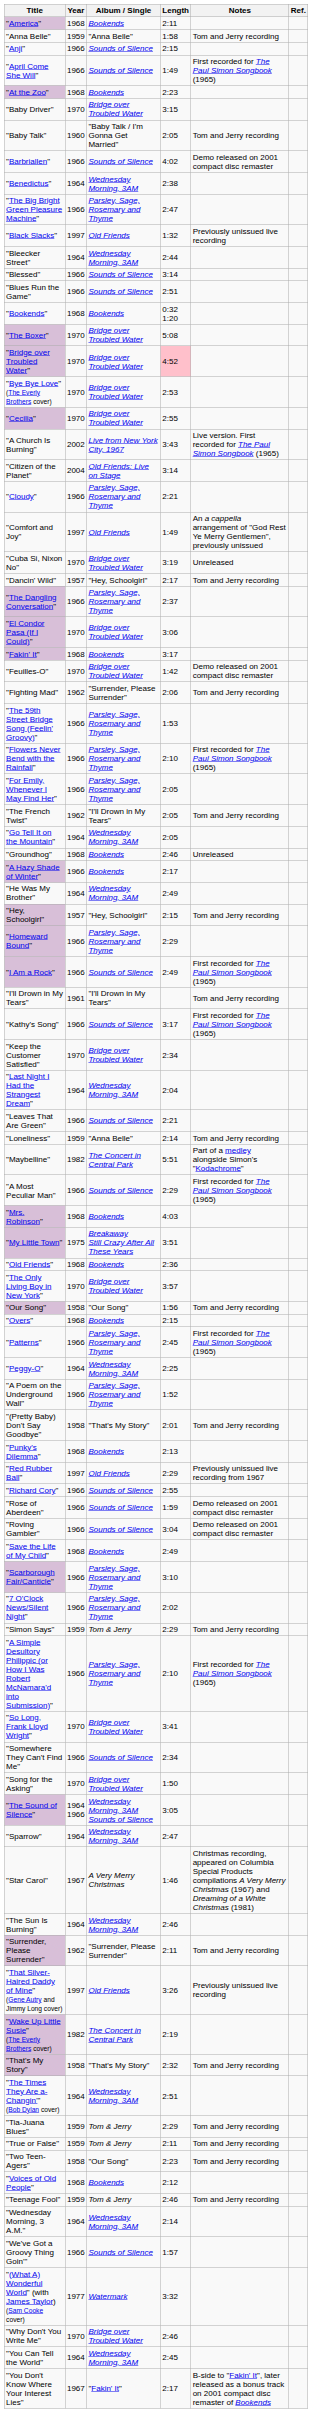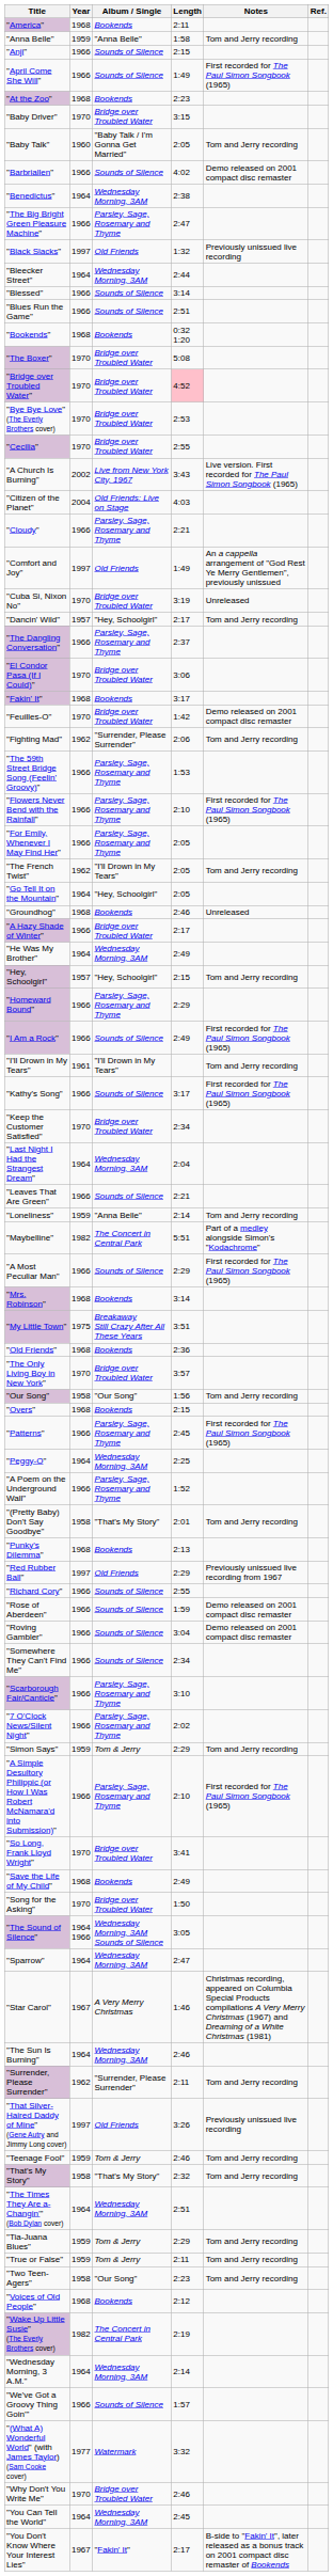 <table class="wikitable sortable">
 <tr>
 <th width="21%">Title</th>
 <th width="1%">Year</th>
 <th width="28%">Album / Single</th>
 <th width="1%">Length</th>
 <th width="38%">Notes</th>
 <th width="1%">Ref.</th>
 </tr>
 <tr>
 <td !scope=row style="background-color:#D8BFD8">"<a href='#'>America</a>" </td>
 <td>1968</td>
 <td><em><a href='#'>Bookends</a></em></td>
 <td>2:11</td>
 <td></td>
 <td></td>
 </tr>
 <tr American Tune>
 <td>"Anna Belle"</td>
 <td>1959</td>
 <td>"Anna Belle"</td>
 <td>1:58</td>
 <td>Tom and Jerry recording</td>
 <td></td>
 </tr>
 <tr>
 <td>"<a href='#'>Anji</a>"</td>
 <td>1966</td>
 <td><em><a href='#'>Sounds of Silence</a></em></td>
 <td>2:15</td>
 <td></td>
 <td></td>
 </tr>
 <tr>
 <td>"<a href='#'>April Come She Will</a>"</td>
 <td>1966</td>
 <td><em><a href='#'>Sounds of Silence</a></em></td>
 <td>1:49</td>
 <td>First recorded for <em><a href='#'>The Paul Simon Songbook</a></em> (1965)</td>
 <td></td>
 </tr>
 <tr>
 <td !scope=row style="background-color:#D8BFD8">"<a href='#'>At the Zoo</a>" </td>
 <td>1968</td>
 <td> <em><a href='#'>Bookends</a></em></td>
 <td>2:23</td>
 <td></td>
 <td></td>
 </tr>
 <tr>
 <td>"Baby Driver"</td>
 <td>1970</td>
 <td><em><a href='#'>Bridge over Troubled Water</a></em></td>
 <td>3:15</td>
 <td></td>
 <td></td>
 </tr>
 <tr>
 <td>"Baby Talk"</td>
 <td>1960</td>
 <td>"Baby Talk / I'm Gonna Get Married"</td>
 <td>2:05</td>
 <td>Tom and Jerry recording</td>
 <td></td>
 </tr>
 <tr>
 <td>"<a href='#'>Barbriallen</a>"</td>
 <td>1966</td>
 <td><em><a href='#'>Sounds of Silence</a></em></td>
 <td>4:02</td>
 <td>Demo released on 2001 compact disc remaster</td>
 <td></td>
 </tr>
 <tr>
 <td>"<a href='#'>Benedictus</a>"</td>
 <td>1964</td>
 <td><em><a href='#'>Wednesday Morning, 3AM</a></em></td>
 <td>2:38</td>
 <td></td>
 <td></td>
 </tr>
 <tr>
 <td>"<a href='#'>The Big Bright Green Pleasure Machine</a>"</td>
 <td>1966</td>
 <td><em><a href='#'>Parsley, Sage, Rosemary and Thyme</a></em></td>
 <td>2:47</td>
 <td></td>
 <td></td>
 </tr>
 <tr>
 <td>"<a href='#'>Black Slacks</a>"</td>
 <td>1997</td>
 <td><em><a href='#'>Old Friends</a></em></td>
 <td>1:32</td>
 <td>Previously unissued live recording</td>
 <td></td>
 </tr>
 <tr>
 <td>"Bleecker Street"</td>
 <td>1964</td>
 <td><em><a href='#'>Wednesday Morning, 3AM</a></em></td>
 <td>2:44</td>
 <td></td>
 <td></td>
 </tr>
 <tr>
 <td>"Blessed"</td>
 <td>1966</td>
 <td><em><a href='#'>Sounds of Silence</a></em></td>
 <td>3:14</td>
 <td></td>
 <td></td>
 </tr>
 <tr>
 <td>"Blues Run the Game"</td>
 <td>1966</td>
 <td><em><a href='#'>Sounds of Silence</a></em></td>
 <td>2:51</td>
 <td></td>
 <td></td>
 </tr>
 <tr>
 <td>"<a href='#'>Bookends</a>"</td>
 <td>1968</td>
 <td><em><a href='#'>Bookends</a></em></td>
 <td>0:32<br>1:20</td>
 <td></td>
 <td></td>
 </tr>
 <tr>
 <td !scope=row style="background-color:#D8BFD8">"<a href='#'>The Boxer</a>" </td>
 <td>1970</td>
 <td><em><a href='#'>Bridge over Troubled Water</a></em></td>
 <td>5:08</td>
 <td></td>
 <td></td>
 </tr>
 <tr>
 <td !scope=row style="background-color:#D8BFD8">"<a href='#'>Bridge over Troubled Water</a>" </td>
 <td>1970</td>
 <td><em><a href='#'>Bridge over Troubled Water</a></em></td>
 <td style="background: pink;">4:52</td>
 <td></td>
 <td></td>
 </tr>
 <tr>
 <td>"<a href='#'>Bye Bye Love</a>"<br><small>(<a href='#'>The Everly Brothers</a> cover)</small></td>
 <td>1970</td>
 <td><em><a href='#'>Bridge over Troubled Water</a></em></td>
 <td>2:53</td>
 <td></td>
 <td></td>
 </tr>
 <tr>
 <td !scope=row style="background-color:#D8BFD8"> "<a href='#'>Cecilia</a>" </td>
 <td>1970</td>
 <td><em><a href='#'>Bridge over Troubled Water</a></em></td>
 <td>2:55</td>
 <td></td>
 <td></td>
 </tr>
 <tr>
 <td>"A Church Is Burning"</td>
 <td>2002</td>
 <td><em><a href='#'>Live from New York City, 1967</a></em></td>
 <td>3:43</td>
 <td>Live version. First recorded for <em><a href='#'>The Paul Simon Songbook</a></em> (1965)</td>
 <td></td>
 </tr>
 <tr>
 <td>"Citizen of the Planet"</td>
 <td>2004</td>
 <td><em><a href='#'>Old Friends: Live on Stage</a></em></td>
-<td>3:14</td>
+<td>4:03</td>
 <td></td>
 <td></td>
 </tr>
 <tr>
 <td>"<a href='#'>Cloudy</a>"</td>
 <td>1966</td>
 <td><em><a href='#'>Parsley, Sage, Rosemary and Thyme</a></em></td>
 <td>2:21</td>
 <td></td>
 <td></td>
 </tr>
 <tr>
 <td>"Comfort and Joy"</td>
 <td>1997</td>
 <td><em><a href='#'>Old Friends</a></em></td>
 <td>1:49</td>
 <td>An <em>a cappella</em> arrangement of "God Rest Ye Merry Gentlemen", previously unissued</td>
 <td></td>
 </tr>
 <tr>
 <td>"Cuba Si, Nixon No"</td>
 <td>1970</td>
 <td><em><a href='#'>Bridge over Troubled Water</a></em></td>
 <td>3:19</td>
 <td>Unreleased</td>
 <td></td>
 </tr>
 <tr>
 <td> "Dancin' Wild"</td>
 <td>1957</td>
 <td>"Hey, Schoolgirl"</td>
 <td>2:17</td>
 <td>Tom and Jerry recording</td>
 <td></td>
 </tr>
 <tr>
 <td !scope=row style="background-color:#D8BFD8">"<a href='#'>The Dangling Conversation</a>" </td>
 <td>1966</td>
 <td><em><a href='#'>Parsley, Sage, Rosemary and Thyme</a></em></td>
 <td>2:37</td>
 <td></td>
 <td></td>
 </tr>
 <tr>
 <td !scope=row style="background-color:#D8BFD8"> "<a href='#'>El Condor Pasa (If I Could)</a>"</td>
 <td>1970</td>
 <td><em><a href='#'>Bridge over Troubled Water</a></em></td>
 <td>3:06</td>
 <td></td>
 <td></td>
 </tr>
 <tr>
 <td !scope=row style="background-color:#D8BFD8"> "<a href='#'>Fakin' It</a>"</td>
 <td>1968</td>
 <td><em><a href='#'>Bookends</a></em></td>
 <td>3:17</td>
 <td></td>
 <td></td>
 </tr>
 <tr>
 <td>"Feuilles-O"</td>
 <td>1970</td>
 <td><em><a href='#'>Bridge over Troubled Water</a></em></td>
 <td>1:42</td>
 <td>Demo released on 2001 compact disc remaster</td>
 <td></td>
 </tr>
 <tr>
 <td>"Fighting Mad"</td>
 <td>1962</td>
 <td>"Surrender, Please Surrender"</td>
 <td>2:06</td>
 <td>Tom and Jerry recording</td>
 <td></td>
 </tr>
 <tr>
 <td>"<a href='#'>The 59th Street Bridge Song (Feelin' Groovy)</a>"</td>
 <td>1966</td>
 <td><em><a href='#'>Parsley, Sage, Rosemary and Thyme</a></em></td>
 <td>1:53</td>
 <td></td>
 <td></td>
 </tr>
 <tr>
 <td>"<a href='#'>Flowers Never Bend with the Rainfall</a>"</td>
 <td>1966</td>
 <td><em><a href='#'>Parsley, Sage, Rosemary and Thyme</a></em></td>
 <td>2:10</td>
 <td>First recorded for <em><a href='#'>The Paul Simon Songbook</a></em> (1965)</td>
 <td></td>
 </tr>
 <tr>
 <td>"<a href='#'>For Emily, Whenever I May Find Her</a>"</td>
 <td>1966</td>
 <td><em><a href='#'>Parsley, Sage, Rosemary and Thyme</a></em></td>
 <td>2:05</td>
 <td></td>
 <td></td>
 </tr>
 <tr>
 <td>"The French Twist"</td>
 <td>1962</td>
 <td>"I'll Drown in My Tears"</td>
 <td>2:05</td>
 <td>Tom and Jerry recording</td>
 <td></td>
 </tr>
 <tr>
 <td> "<a href='#'>Go Tell It on the Mountain</a>"</td>
 <td>1964</td>
-<td><em><a href='#'>Wednesday Morning, 3AM</a></em></td>
+<td>"Hey, Schoolgirl"</td>
 <td>2:05</td>
 <td></td>
 <td></td>
 </tr>
 <tr>
 <td>"Groundhog"</td>
 <td>1968</td>
 <td><em><a href='#'>Bookends</a></em></td>
 <td>2:46</td>
 <td>Unreleased</td>
 <td></td>
 </tr>
 <tr>
 <td !scope=row style="background-color:#D8BFD8"> "<a href='#'>A Hazy Shade of Winter</a>" </td>
 <td>1966</td>
-<td><em><a href='#'>Bookends</a></em></td>
+<td><em><a href='#'>Bridge over Troubled Water</a></em></td>
 <td>2:17</td>
 <td></td>
 <td></td>
 </tr>
 <tr>
 <td>"He Was My Brother"</td>
 <td>1964</td>
 <td><em><a href='#'>Wednesday Morning, 3AM</a></em></td>
 <td>2:49</td>
 <td></td>
 <td></td>
 </tr>
 <tr>
 <td !scope=row style="background-color:#D8BFD8">"Hey, Schoolgirl" </td>
 <td>1957</td>
 <td>"Hey, Schoolgirl"</td>
 <td>2:15</td>
 <td>Tom and Jerry recording</td>
 <td></td>
 </tr>
 <tr>
 <td !scope=row style="background-color:#D8BFD8">"<a href='#'>Homeward Bound</a>" </td>
 <td>1966</td>
 <td><em><a href='#'>Parsley, Sage, Rosemary and Thyme</a></em></td>
 <td>2:29</td>
 <td></td>
 <td></td>
 </tr>
 <tr>
 <td !scope=row style="background-color:#D8BFD8">"<a href='#'>I Am a Rock</a>" </td>
 <td>1966</td>
 <td><em><a href='#'>Sounds of Silence</a></em></td>
 <td>2:49</td>
 <td>First recorded for <em><a href='#'>The Paul Simon Songbook</a></em> (1965)</td>
 <td></td>
 </tr>
 <tr>
 <td>"I'll Drown in My Tears"</td>
 <td>1961</td>
 <td>"I'll Drown in My Tears"</td>
 <td></td>
 <td>Tom and Jerry recording</td>
 <td></td>
 </tr>
 <tr>
 <td> "Kathy's Song"</td>
 <td>1966</td>
 <td><em><a href='#'>Sounds of Silence</a></em></td>
 <td>3:17</td>
 <td>First recorded for <em><a href='#'>The Paul Simon Songbook</a></em> (1965)</td>
 <td></td>
 </tr>
 <tr>
 <td>"Keep the Customer Satisfied"</td>
 <td>1970</td>
 <td><em><a href='#'>Bridge over Troubled Water</a></em></td>
 <td>2:34</td>
 <td></td>
 <td></td>
 </tr>
 <tr>
 <td> "<a href='#'>Last Night I Had the Strangest Dream</a>"</td>
 <td>1964</td>
 <td><em><a href='#'>Wednesday Morning, 3AM</a></em></td>
 <td>2:04</td>
 <td></td>
 <td></td>
 </tr>
 <tr>
 <td>"Leaves That Are Green"</td>
 <td>1966</td>
 <td><em><a href='#'>Sounds of Silence</a></em></td>
 <td>2:21</td>
 <td></td>
 <td></td>
 </tr>
 <tr>
 <td>"Loneliness"</td>
 <td>1959</td>
 <td>"Anna Belle"</td>
 <td>2:14</td>
 <td>Tom and Jerry recording</td>
 <td></td>
 </tr>
 <tr>
 <td> "Maybelline"</td>
 <td>1982</td>
 <td><em><a href='#'>The Concert in Central Park</a></em></td>
 <td>5:51</td>
 <td>Part of a <a href='#'>medley</a> alongside Simon's "<a href='#'>Kodachrome</a>"</td>
 <td></td>
 </tr>
 <tr>
 <td>"A Most Peculiar Man"</td>
 <td>1966</td>
 <td><em><a href='#'>Sounds of Silence</a></em></td>
 <td>2:29</td>
 <td>First recorded for <em><a href='#'>The Paul Simon Songbook</a></em> (1965)</td>
 <td></td>
 </tr>
 <tr>
 <td !scope=row style="background-color:#D8BFD8">"<a href='#'>Mrs. Robinson</a>" </td>
 <td>1968</td>
 <td><em><a href='#'>Bookends</a></em></td>
-<td>4:03</td>
+<td>3:14</td>
 <td></td>
 <td></td>
 </tr>
 <tr>
 <td !scope=row style="background-color:#D8BFD8">"<a href='#'>My Little Town</a>" </td>
 <td>1975</td>
 <td><em><a href='#'>Breakaway</a></em><br><em><a href='#'>Still Crazy After All These Years</a></em> </td>
 <td>3:51</td>
 <td></td>
 <td></td>
 </tr>
 <tr>
 <td> "<a href='#'>Old Friends</a>"</td>
 <td>1968</td>
 <td><em><a href='#'>Bookends</a></em></td>
 <td>2:36</td>
 <td></td>
 <td></td>
 </tr>
 <tr>
 <td>"<a href='#'>The Only Living Boy in New York</a>"</td>
 <td>1970</td>
 <td><em><a href='#'>Bridge over Troubled Water</a></em></td>
 <td>3:57</td>
 <td></td>
 <td></td>
 </tr>
 <tr>
 <td !scope=row style="background-color:#D8BFD8">"Our Song" </td>
 <td>1958</td>
 <td>"Our Song"</td>
 <td>1:56</td>
 <td>Tom and Jerry recording</td>
 <td></td>
 </tr>
 <tr>
 <td>"<a href='#'>Overs</a>"</td>
 <td>1968</td>
 <td><em><a href='#'>Bookends</a></em></td>
 <td>2:15</td>
 <td></td>
 <td></td>
 </tr>
 <tr>
 <td> "<a href='#'>Patterns</a>"</td>
 <td>1966</td>
 <td><em><a href='#'>Parsley, Sage, Rosemary and Thyme</a></em></td>
 <td>2:45</td>
 <td>First recorded for <em><a href='#'>The Paul Simon Songbook</a></em> (1965)</td>
 <td></td>
 </tr>
 <tr>
 <td>"<a href='#'>Peggy-O</a>"</td>
 <td>1964</td>
 <td><em><a href='#'>Wednesday Morning, 3AM</a></em></td>
 <td>2:25</td>
 <td></td>
 <td></td>
 </tr>
 <tr>
 <td>"A Poem on the Underground Wall"</td>
 <td>1966</td>
 <td><em><a href='#'>Parsley, Sage, Rosemary and Thyme</a></em></td>
 <td>1:52</td>
 <td></td>
 <td></td>
 </tr>
 <tr>
 <td>"(Pretty Baby) Don't Say Goodbye"</td>
 <td>1958</td>
 <td>"That's My Story"</td>
 <td>2:01</td>
 <td>Tom and Jerry recording</td>
 <td></td>
 </tr>
 <tr>
 <td>"<a href='#'>Punky's Dilemma</a>"</td>
 <td>1968</td>
 <td><em><a href='#'>Bookends</a></em></td>
 <td>2:13</td>
 <td></td>
 <td></td>
 </tr>
 <tr>
 <td> "<a href='#'>Red Rubber Ball</a>"</td>
 <td>1997</td>
 <td><em><a href='#'>Old Friends</a></em></td>
 <td>2:29</td>
 <td>Previously unissued live recording from 1967</td>
 <td></td>
 </tr>
 <tr>
 <td>"<a href='#'>Richard Cory</a>"</td>
 <td>1966</td>
 <td><em><a href='#'>Sounds of Silence</a></em></td>
 <td>2:55</td>
 <td></td>
 <td></td>
 </tr>
 <tr>
 <td>"Rose of Aberdeen"</td>
 <td>1966</td>
 <td><em><a href='#'>Sounds of Silence</a></em></td>
 <td>1:59</td>
 <td>Demo released on 2001 compact disc remaster</td>
 <td></td>
 </tr>
 <tr>
 <td>"Roving Gambler"</td>
 <td>1966</td>
 <td><em><a href='#'>Sounds of Silence</a></em></td>
 <td>3:04</td>
 <td>Demo released on 2001 compact disc remaster</td>
 <td></td>
 </tr>
 <tr>
-<td> "<a href='#'>Save the Life of My Child</a>"</td>
-<td>1968</td>
-<td><em><a href='#'>Bookends</a></em></td>
-<td>2:49</td>
+<td>"Somewhere They Can't Find Me"</td>
+<td>1966</td>
+<td><em><a href='#'>Sounds of Silence</a></em></td>
+<td>2:34</td>
 <td></td>
 <td></td>
 </tr>
 <tr>
 <td !scope=row style="background-color:#D8BFD8">"<a href='#'>Scarborough Fair/Canticle</a>" </td>
 <td>1966</td>
 <td><em><a href='#'>Parsley, Sage, Rosemary and Thyme</a></em></td>
 <td>3:10</td>
 <td></td>
 <td></td>
 </tr>
 <tr>
 <td>"<a href='#'>7 O'Clock News/Silent Night</a>"</td>
 <td>1966</td>
 <td><em><a href='#'>Parsley, Sage, Rosemary and Thyme</a></em></td>
 <td>2:02</td>
 <td></td>
 <td></td>
 </tr>
 <tr>
 <td>"Simon Says"</td>
 <td>1959</td>
 <td><em>Tom & Jerry</em></td>
 <td>2:29</td>
 <td>Tom and Jerry recording</td>
 <td></td>
 </tr>
 <tr>
 <td>"<a href='#'>A Simple Desultory Philippic (or How I Was Robert McNamara'd into Submission)</a>"</td>
 <td>1966</td>
 <td><em><a href='#'>Parsley, Sage, Rosemary and Thyme</a></em></td>
 <td>2:10</td>
 <td>First recorded for <em><a href='#'>The Paul Simon Songbook</a></em> (1965)</td>
 <td></td>
 </tr>
 <tr>
 <td>"<a href='#'>So Long, Frank Lloyd Wright</a>"</td>
 <td>1970</td>
 <td><em><a href='#'>Bridge over Troubled Water</a></em></td>
 <td>3:41</td>
 <td></td>
 <td></td>
 </tr>
 <tr>
-<td>"Somewhere They Can't Find Me"</td>
-<td>1966</td>
-<td><em><a href='#'>Sounds of Silence</a></em></td>
-<td>2:34</td>
+<td> "<a href='#'>Save the Life of My Child</a>"</td>
+<td>1968</td>
+<td><em><a href='#'>Bookends</a></em></td>
+<td>2:49</td>
 <td></td>
 <td></td>
 </tr>
 <tr>
 <td>"Song for the Asking"</td>
 <td>1970</td>
 <td><em><a href='#'>Bridge over Troubled Water</a></em></td>
 <td>1:50</td>
 <td></td>
 <td></td>
 </tr>
 <tr>
 <td !scope=row style="background-color:#D8BFD8">"<a href='#'>The Sound of Silence</a>" </td>
 <td>1964<br>1966</td>
 <td><em><a href='#'>Wednesday Morning, 3AM</a></em><br><em><a href='#'>Sounds of Silence</a></em></td>
 <td>3:05</td>
 <td></td>
 <td></td>
 </tr>
 <tr>
 <td>"Sparrow"</td>
 <td>1964</td>
 <td><em><a href='#'>Wednesday Morning, 3AM</a></em></td>
 <td>2:47</td>
 <td></td>
 <td></td>
 </tr>
 <tr>
 <td>"Star Carol"</td>
 <td>1967</td>
 <td><em>A Very Merry Christmas</em></td>
 <td>1:46</td>
 <td>Christmas recording, appeared on Columbia Special Products compilations <em>A Very Merry Christmas</em> (1967) and <em>Dreaming of a White Christmas</em> (1981)</td>
 <td></td>
 </tr>
 <tr>
 <td>"The Sun Is Burning"</td>
 <td>1964</td>
 <td><em><a href='#'>Wednesday Morning, 3AM</a></em></td>
 <td>2:46</td>
 <td></td>
 <td></td>
 </tr>
 <tr>
 <td !scope=row style="background-color:#D8BFD8">"Surrender, Please Surrender" </td>
 <td>1962</td>
 <td>"Surrender, Please Surrender"</td>
 <td>2:11</td>
 <td>Tom and Jerry recording</td>
 <td></td>
 </tr>
 <tr>
 <td>"<a href='#'>That Silver-Haired Daddy of Mine</a>"<br><small>(<a href='#'>Gene Autry</a> and Jimmy Long cover)</small></td>
 <td>1997</td>
 <td><em><a href='#'>Old Friends</a></em></td>
 <td>3:26</td>
 <td>Previously unissued live recording</td>
 <td></td>
 </tr>
 <tr>
-<td !scope=row style="background-color:#D8BFD8"> "<a href='#'>Wake Up Little Susie</a>"<br><small>(<a href='#'>The Everly Brothers</a> cover)</small></td>
-<td>1982</td>
-<td><em><a href='#'>The Concert in Central Park</a></em></td>
-<td>2:19</td>
-<td></td>
+<td> "Teenage Fool"</td>
+<td>1959</td>
+<td><em>Tom & Jerry</em></td>
+<td>2:46</td>
+<td>Tom and Jerry recording</td>
 <td></td>
 </tr>
 <tr>
 <td !scope=row style="background-color:#D8BFD8">"That's My Story" </td>
 <td>1958</td>
 <td>"That's My Story"</td>
 <td>2:32</td>
 <td>Tom and Jerry recording</td>
 <td></td>
 </tr>
 <tr>
 <td>"<a href='#'>The Times They Are a-Changin'</a>"<br><small>(<a href='#'>Bob Dylan</a> cover)</small></td>
 <td>1964</td>
 <td><em><a href='#'>Wednesday Morning, 3AM</a></em></td>
 <td>2:51</td>
 <td></td>
 <td></td>
 </tr>
 <tr>
 <td>"Tia-Juana Blues"</td>
 <td>1959</td>
 <td><em>Tom & Jerry</em></td>
 <td>2:29</td>
 <td>Tom and Jerry recording</td>
 <td></td>
 </tr>
 <tr>
 <td>"True or False"</td>
 <td>1959</td>
 <td><em>Tom & Jerry</em></td>
 <td>2:11</td>
 <td>Tom and Jerry recording</td>
 <td></td>
 </tr>
 <tr>
 <td>"Two Teen-Agers"</td>
 <td>1958</td>
 <td>"Our Song"</td>
 <td>2:23</td>
 <td>Tom and Jerry recording</td>
 <td></td>
 </tr>
 <tr>
 <td> "<a href='#'>Voices of Old People</a>"</td>
 <td>1968</td>
 <td><em><a href='#'>Bookends</a></em></td>
 <td>2:12</td>
 <td></td>
 <td></td>
 </tr>
 <tr>
-<td> "Teenage Fool"</td>
-<td>1959</td>
-<td><em>Tom & Jerry</em></td>
-<td>2:46</td>
-<td>Tom and Jerry recording</td>
+<td !scope=row style="background-color:#D8BFD8"> "<a href='#'>Wake Up Little Susie</a>"<br><small>(<a href='#'>The Everly Brothers</a> cover)</small></td>
+<td>1982</td>
+<td><em><a href='#'>The Concert in Central Park</a></em></td>
+<td>2:19</td>
+<td></td>
 <td></td>
 </tr>
 <tr>
 <td>"Wednesday Morning, 3 A.M."</td>
 <td>1964</td>
 <td><em><a href='#'>Wednesday Morning, 3AM</a></em></td>
 <td>2:14</td>
 <td></td>
 <td></td>
 </tr>
 <tr>
 <td>"We've Got a Groovy Thing Goin'"</td>
 <td>1966</td>
 <td><em><a href='#'>Sounds of Silence</a></em></td>
 <td>1:57</td>
 <td></td>
 <td></td>
 </tr>
 <tr>
 <td>"<a href='#'>(What A) Wonderful World</a>" (with <a href='#'>James Taylor</a>)<br><small>(<a href='#'>Sam Cooke</a> cover)</small></td>
 <td>1977</td>
 <td><em><a href='#'>Watermark</a></em></td>
 <td>3:32</td>
 <td></td>
 <td></td>
 </tr>
 <tr>
 <td>"Why Don't You Write Me"</td>
 <td>1970</td>
 <td><em><a href='#'>Bridge over Troubled Water</a></em></td>
 <td>2:46</td>
 <td></td>
 <td></td>
 </tr>
 <tr>
 <td> "You Can Tell the World"</td>
 <td>1964</td>
 <td><em><a href='#'>Wednesday Morning, 3AM</a></em></td>
 <td>2:45</td>
 <td></td>
 <td></td>
 </tr>
 <tr>
 <td>"You Don't Know Where Your Interest Lies"</td>
 <td>1967</td>
 <td>"<a href='#'>Fakin' It</a>"</td>
 <td>2:17</td>
 <td>B-side to "<a href='#'>Fakin' It</a>", later released as a bonus track on 2001 compact disc remaster of <em><a href='#'>Bookends</a></em></td>
 <td></td>
 </tr>
 </table>
